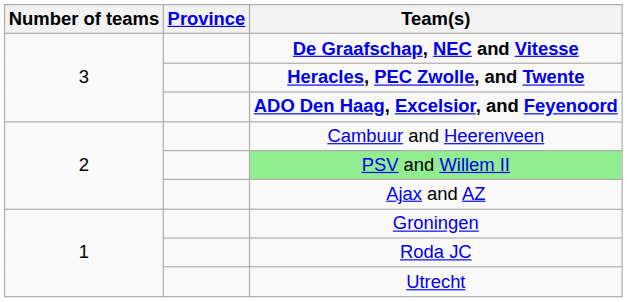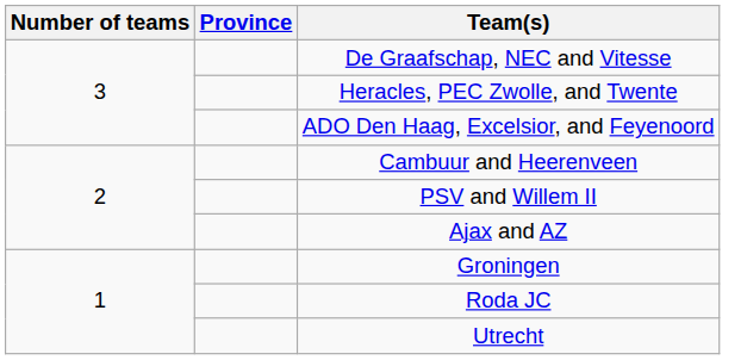 <table class="wikitable" style="text-align:center">
 <tr>
 <th>Number of teams</th>
 <th><a href='#'>Province</a></th>
 <th>Team(s)</th>
 </tr>
 <tr>
 <td rowspan="3">3</td>
 <td align="left"></td>
-<td><strong><a href='#'>De Graafschap</a>, <a href='#'>NEC</a> and <a href='#'>Vitesse</a></strong></td>
+<td><a href='#'>De Graafschap</a>, <a href='#'>NEC</a> and <a href='#'>Vitesse</a></td>
 </tr>
 <tr>
 <td align="left"></td>
-<td><strong><a href='#'>Heracles</a>, <a href='#'>PEC Zwolle</a>, and <a href='#'>Twente</a></strong></td>
+<td><a href='#'>Heracles</a>, <a href='#'>PEC Zwolle</a>, and <a href='#'>Twente</a></td>
 </tr>
 <tr>
 <td align="left"></td>
-<td><strong><a href='#'>ADO Den Haag</a>, <a href='#'>Excelsior</a>, and <a href='#'>Feyenoord</a></strong></td>
+<td><a href='#'>ADO Den Haag</a>, <a href='#'>Excelsior</a>, and <a href='#'>Feyenoord</a></td>
 </tr>
 <tr>
 <td rowspan="3">2</td>
 <td align="left"></td>
 <td><a href='#'>Cambuur</a> and <a href='#'>Heerenveen</a></td>
 </tr>
 <tr>
 <td align="left"></td>
-<td style="background: lightgreen;"><a href='#'>PSV</a> and <a href='#'>Willem II</a></td>
+<td><a href='#'>PSV</a> and <a href='#'>Willem II</a></td>
 </tr>
 <tr>
 <td align="left"></td>
 <td><a href='#'>Ajax</a> and <a href='#'>AZ</a></td>
 </tr>
 <tr>
 <td rowspan="3">1</td>
 <td align="left"></td>
 <td><a href='#'>Groningen</a></td>
 </tr>
 <tr>
 <td align="left"></td>
 <td><a href='#'>Roda JC</a></td>
 </tr>
 <tr>
 <td align="left"></td>
 <td><a href='#'>Utrecht</a></td>
 </tr>
 </table>
